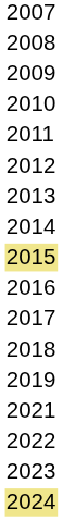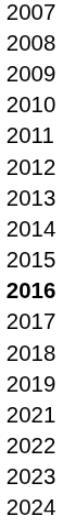 <table>
 <tr>
 <td>2007</td>
 <td></td>
 <td></td>
 <td></td>
 </tr>
 <tr>
 <td>2008</td>
 <td></td>
 <td></td>
 <td></td>
 </tr>
 <tr>
 <td>2009</td>
 <td></td>
 <td></td>
 <td></td>
 </tr>
 <tr>
 <td>2010</td>
 <td></td>
 <td></td>
 <td></td>
 </tr>
 <tr>
 <td>2011</td>
 <td></td>
 <td></td>
 <td></td>
 </tr>
 <tr>
 <td>2012</td>
 <td></td>
 <td></td>
 <td></td>
 </tr>
 <tr>
 <td>2013</td>
 <td></td>
 <td></td>
 <td></td>
 </tr>
 <tr>
 <td>2014</td>
 <td></td>
 <td></td>
 <td></td>
 </tr>
 <tr>
-<td style="background: khaki;">2015</td>
+<td>2015</td>
 <td></td>
 <td></td>
 <td></td>
 </tr>
 <tr>
-<td>2016</td>
+<td><strong>2016</strong></td>
 <td></td>
 <td></td>
 <td></td>
 </tr>
 <tr>
 <td>2017</td>
 <td></td>
 <td></td>
 <td></td>
 </tr>
 <tr>
 <td>2018</td>
 <td></td>
 <td></td>
 <td></td>
 </tr>
 <tr>
 <td>2019</td>
 <td></td>
 <td></td>
 <td></td>
 </tr>
 <tr>
 <td>2021</td>
 <td></td>
 <td></td>
 <td></td>
 </tr>
 <tr>
 <td>2022</td>
 <td></td>
 <td></td>
 <td></td>
 </tr>
 <tr>
 <td>2023</td>
 <td></td>
 <td></td>
 <td></td>
 <td></td>
 </tr>
 <tr>
-<td style="background: khaki;">2024</td>
+<td>2024</td>
 <td></td>
 <td></td>
 <td></td>
 <td></td>
 </tr>
 </table>
